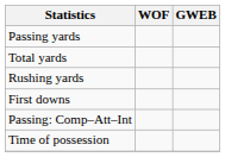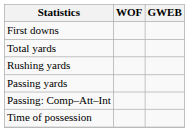 <table class="wikitable" style="float: left;">
 <tr>
 <th>Statistics</th>
 <th>WOF</th>
 <th>GWEB</th>
 </tr>
 <tr>
-<td>Passing yards</td>
+<td>First downs</td>
 <td></td>
 <td></td>
 </tr>
 <tr>
 <td>Total yards</td>
 <td></td>
 <td></td>
 </tr>
 <tr>
 <td>Rushing yards</td>
 <td></td>
 <td></td>
 </tr>
 <tr>
-<td>First downs</td>
+<td>Passing yards</td>
 <td></td>
 <td></td>
 </tr>
 <tr>
 <td>Passing: Comp–Att–Int</td>
 <td></td>
 <td></td>
 </tr>
 <tr>
 <td>Time of possession</td>
 <td></td>
 <td></td>
 </tr>
 <tr>
 </tr>
 </table>
